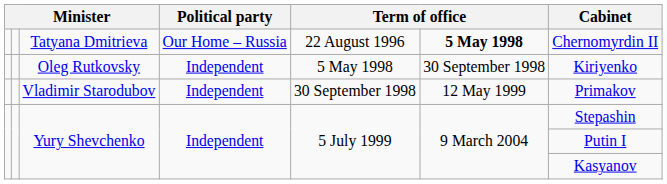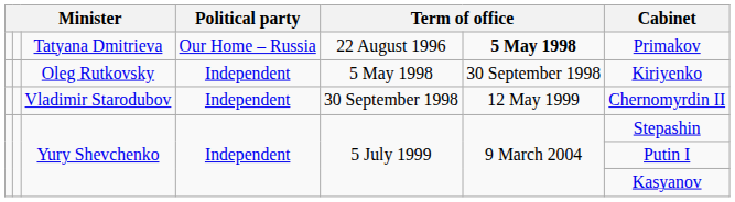 <table class="wikitable" style="text-align:center;">
 <tr>
 <th colspan=3>Minister</th>
 <th>Political party</th>
 <th colspan=2>Term of office</th>
 <th colspan=2>Cabinet</th>
 </tr>
 <tr>
 <td style="background: "></td>
 <td></td>
 <td><a href='#'>Tatyana Dmitrieva</a></td>
 <td><a href='#'>Our Home – Russia</a></td>
 <td>22 August 1996</td>
 <td><strong>5 May 1998</strong></td>
-<td><a href='#'>Chernomyrdin II</a></td>
+<td><a href='#'>Primakov</a></td>
 </tr>
 <tr>
 <td style="background: "></td>
 <td></td>
 <td><a href='#'>Oleg Rutkovsky</a></td>
 <td><a href='#'>Independent</a></td>
 <td>5 May 1998</td>
 <td>30 September 1998</td>
 <td><a href='#'>Kiriyenko</a></td>
 </tr>
 <tr>
 <td style="background: "></td>
 <td></td>
 <td><a href='#'>Vladimir Starodubov</a></td>
 <td><a href='#'>Independent</a></td>
 <td>30 September 1998</td>
 <td>12 May 1999</td>
-<td><a href='#'>Primakov</a></td>
+<td><a href='#'>Chernomyrdin II</a></td>
 </tr>
 <tr>
 <td rowspan=3 style="background: "></td>
 <td rowspan=3></td>
 <td rowspan=3><a href='#'>Yury Shevchenko</a></td>
 <td rowspan=3><a href='#'>Independent</a></td>
 <td rowspan=3>5 July 1999</td>
 <td rowspan=3>9 March 2004</td>
 <td><a href='#'>Stepashin</a></td>
 </tr>
 <tr>
 <td><a href='#'>Putin I</a></td>
 </tr>
 <tr>
 <td><a href='#'>Kasyanov</a></td>
 </tr>
 </table>
